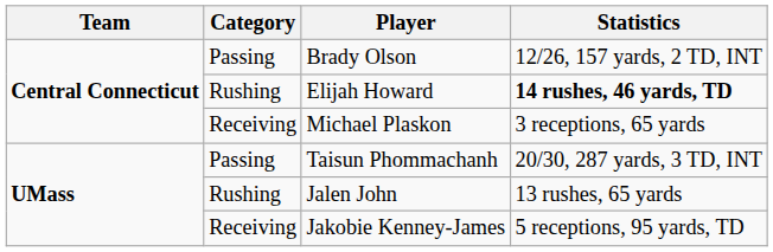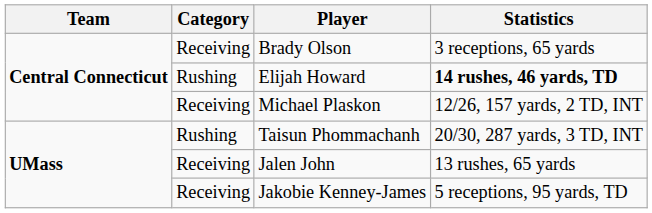 <table class="wikitable" style="float: right;">
 <tr>
 <th>Team</th>
 <th>Category</th>
 <th>Player</th>
 <th>Statistics</th>
 </tr>
 <tr>
 <td rowspan=3><strong>Central Connecticut</strong></td>
-<td>Passing</td>
+<td>Receiving</td>
 <td>Brady Olson</td>
-<td>12/26, 157 yards, 2 TD, INT</td>
+<td>3 receptions, 65 yards</td>
 </tr>
 <tr>
 <td>Rushing</td>
 <td>Elijah Howard</td>
 <td><strong>14 rushes, 46 yards, TD</strong></td>
 </tr>
 <tr>
 <td>Receiving</td>
 <td>Michael Plaskon</td>
-<td>3 receptions, 65 yards</td>
+<td>12/26, 157 yards, 2 TD, INT</td>
 </tr>
 <tr>
 <td rowspan=3><strong>UMass</strong></td>
-<td>Passing</td>
+<td>Rushing</td>
 <td>Taisun Phommachanh</td>
 <td>20/30, 287 yards, 3 TD, INT</td>
 </tr>
 <tr>
-<td>Rushing</td>
+<td>Receiving</td>
 <td>Jalen John</td>
 <td>13 rushes, 65 yards</td>
 </tr>
 <tr>
 <td>Receiving</td>
 <td>Jakobie Kenney-James</td>
 <td>5 receptions, 95 yards, TD</td>
 </tr>
 </table>
